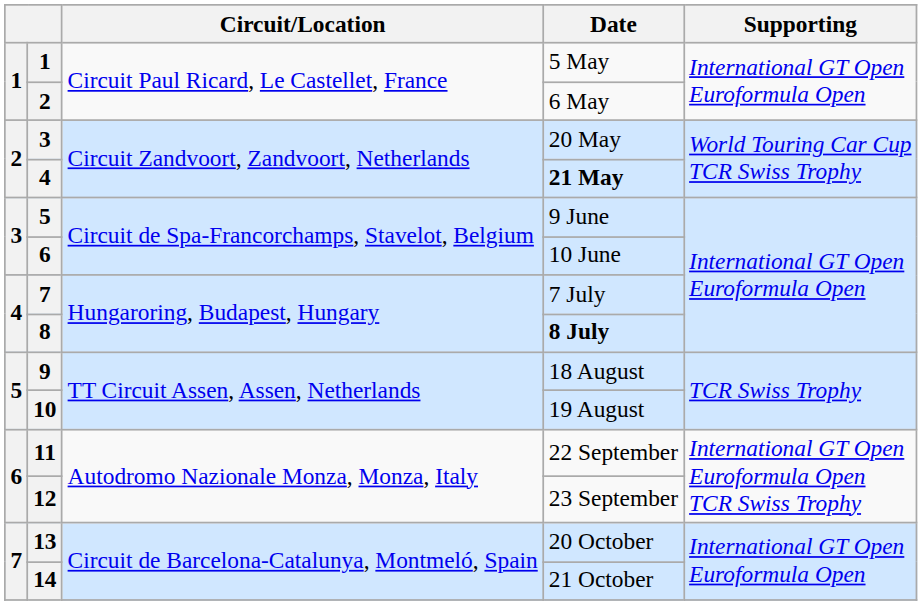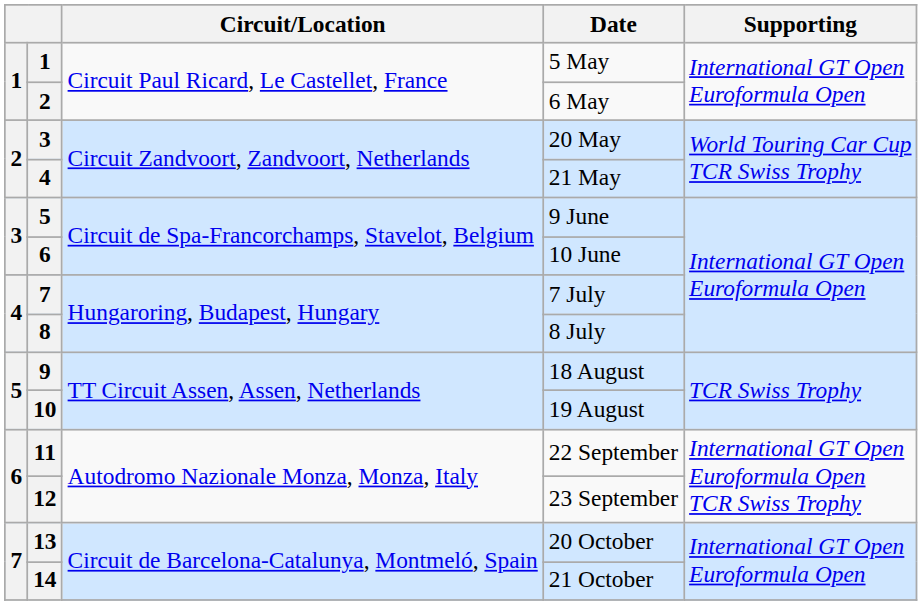 <table class="wikitable" style="font-size: 85%">
 <tr>
 <th colspan="2"></th>
 <th>Circuit/Location</th>
 <th>Date</th>
 <th>Supporting</th>
 </tr>
 <tr>
 <th rowspan="2">1</th>
 <th>1</th>
 <td rowspan="2"> <a href='#'>Circuit Paul Ricard</a>, <a href='#'>Le Castellet</a>, <a href='#'>France</a></td>
 <td>5 May</td>
 <td rowspan="2"><a href='#'><em>International GT Open</em></a><br><a href='#'><em>Euroformula Open</em></a></td>
 </tr>
 <tr>
 <th>2</th>
 <td>6 May</td>
 </tr>
 <tr style="background:#D0E7FF;">
 <th rowspan="2">2</th>
 <th>3</th>
 <td rowspan="2"> <a href='#'>Circuit Zandvoort</a>, <a href='#'>Zandvoort</a>, <a href='#'>Netherlands</a></td>
 <td>20 May</td>
 <td rowspan="2"><em><a href='#'>World Touring Car Cup</a></em> <br><a href='#'><em>TCR Swiss Trophy</em></a></td>
 </tr>
 <tr style="background:#D0E7FF;">
 <th>4</th>
-<td><strong>21 May</strong></td>
+<td>21 May</td>
 </tr>
 <tr style="background:#D0E7FF;">
 <th rowspan="2">3</th>
 <th>5</th>
 <td rowspan="2"> <a href='#'>Circuit de Spa-Francorchamps</a>, <a href='#'>Stavelot</a>, <a href='#'>Belgium</a></td>
 <td>9 June</td>
 <td rowspan="4"><a href='#'><em>International GT Open</em></a><br><a href='#'><em>Euroformula Open</em></a></td>
 </tr>
 <tr style="background:#D0E7FF;">
 <th>6</th>
 <td>10 June</td>
 </tr>
 <tr style="background:#D0E7FF;">
 <th rowspan="2">4</th>
 <th>7</th>
 <td rowspan="2"> <a href='#'>Hungaroring</a>, <a href='#'>Budapest</a>, <a href='#'>Hungary</a></td>
 <td>7 July</td>
 </tr>
 <tr style="background:#D0E7FF;">
 <th>8</th>
-<td><strong>8 July</strong></td>
+<td>8 July</td>
 </tr>
 <tr style="background:#D0E7FF;">
 <th rowspan="2">5</th>
 <th>9</th>
 <td rowspan="2"> <a href='#'>TT Circuit Assen</a>, <a href='#'>Assen</a>, <a href='#'>Netherlands</a></td>
 <td>18 August</td>
 <td rowspan="2"><a href='#'><em>TCR Swiss Trophy</em></a></td>
 </tr>
 <tr style="background:#D0E7FF;">
 <th>10</th>
 <td>19 August</td>
 </tr>
 <tr>
 <th rowspan="2">6</th>
 <th>11</th>
 <td rowspan="2"> <a href='#'>Autodromo Nazionale Monza</a>, <a href='#'>Monza</a>, <a href='#'>Italy</a></td>
 <td>22 September</td>
 <td rowspan="2"><a href='#'><em>International GT Open</em></a><br><a href='#'><em>Euroformula Open</em></a><br><a href='#'><em>TCR Swiss Trophy</em></a></td>
 </tr>
 <tr>
 <th>12</th>
 <td>23 September</td>
 </tr>
 <tr style="background:#D0E7FF;">
 <th rowspan="2">7</th>
 <th>13</th>
 <td rowspan="2"> <a href='#'>Circuit de Barcelona-Catalunya</a>, <a href='#'>Montmeló</a>, <a href='#'>Spain</a></td>
 <td>20 October</td>
 <td rowspan="2"><a href='#'><em>International GT Open</em></a><br><a href='#'><em>Euroformula Open</em></a></td>
 </tr>
 <tr style="background:#D0E7FF;">
 <th>14</th>
 <td>21 October</td>
 </tr>
 </table>
